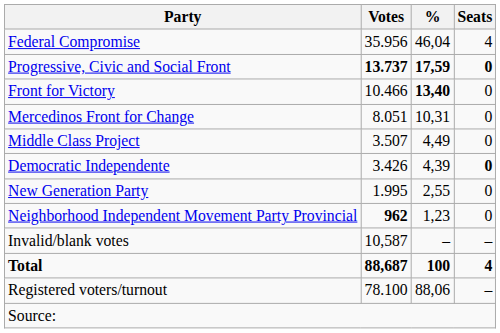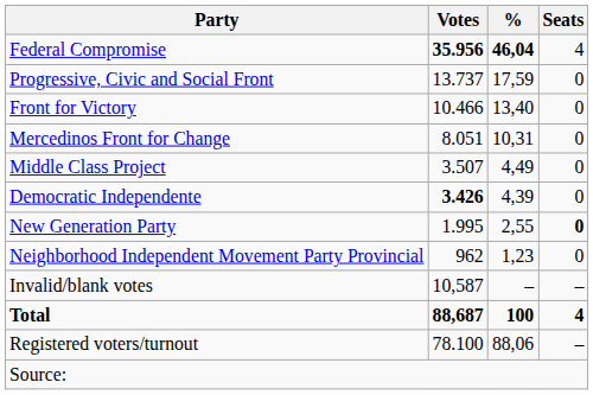 <table class=wikitable style=text-align:right>
 <tr>
 <th>Party</th>
 <th>Votes</th>
 <th>%</th>
 <th>Seats</th>
 </tr>
 <tr>
 <td align=left><a href='#'>Federal Compromise</a></td>
-<td>35.956</td>
-<td>46,04</td>
+<td><strong>35.956</strong></td>
+<td><strong>46,04</strong></td>
 <td>4</td>
 </tr>
 <tr>
 <td align=left><a href='#'>Progressive, Civic and Social Front</a></td>
-<td><strong>13.737</strong></td>
-<td><strong>17,59</strong></td>
-<td><strong>0</strong></td>
+<td>13.737</td>
+<td>17,59</td>
+<td>0</td>
 </tr>
 <tr>
 <td align=left><a href='#'>Front for Victory</a></td>
 <td>10.466</td>
-<td><strong>13,40</strong></td>
+<td>13,40</td>
 <td>0</td>
 </tr>
 <tr>
 <td align=left><a href='#'>Mercedinos Front for Change</a></td>
 <td>8.051</td>
 <td>10,31</td>
 <td>0</td>
 </tr>
 <tr>
 <td align=left><a href='#'>Middle Class Project</a></td>
 <td>3.507</td>
 <td>4,49</td>
 <td>0</td>
 </tr>
 <tr>
 <td align=left><a href='#'>Democratic Independente</a></td>
-<td>3.426</td>
+<td><strong>3.426</strong></td>
 <td>4,39</td>
-<td><strong>0</strong></td>
+<td>0</td>
 </tr>
 <tr>
 <td align=left><a href='#'>New Generation Party</a></td>
 <td>1.995</td>
 <td>2,55</td>
-<td>0</td>
+<td><strong>0</strong></td>
 </tr>
 <tr>
 <td align=left><a href='#'>Neighborhood Independent Movement Party Provincial</a></td>
-<td><strong>962</strong></td>
+<td>962</td>
 <td>1,23</td>
 <td>0</td>
 </tr>
 <tr>
 <td align=left>Invalid/blank votes</td>
 <td>10,587</td>
 <td>–</td>
 <td>–</td>
 </tr>
 <tr>
 <td align=left><strong>Total</strong></td>
 <td><strong>88,687</strong></td>
 <td><strong>100</strong></td>
 <td><strong>4</strong></td>
 </tr>
 <tr>
 <td align=left>Registered voters/turnout</td>
 <td>78.100</td>
 <td>88,06</td>
 <td>–</td>
 </tr>
 <tr>
 <td align=left colspan=5>Source: </td>
 </tr>
 </table>
